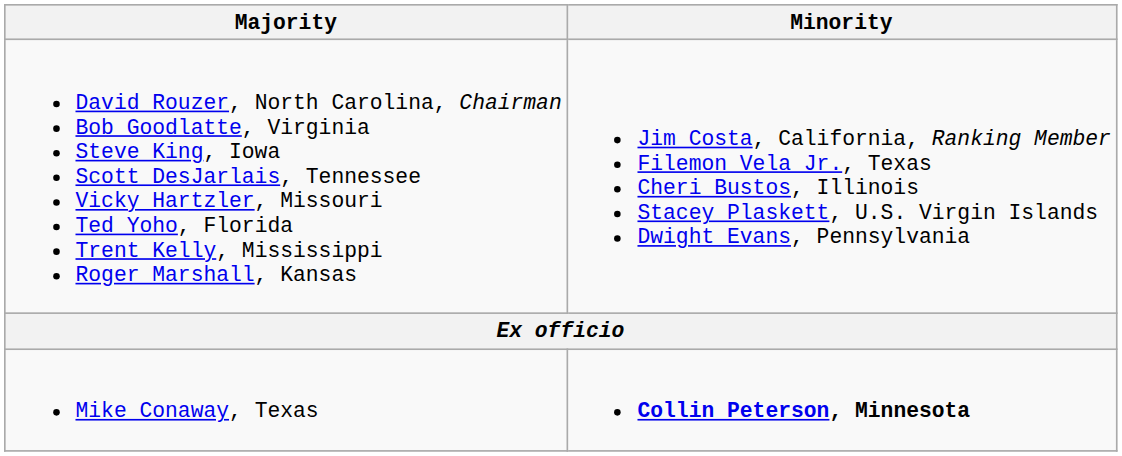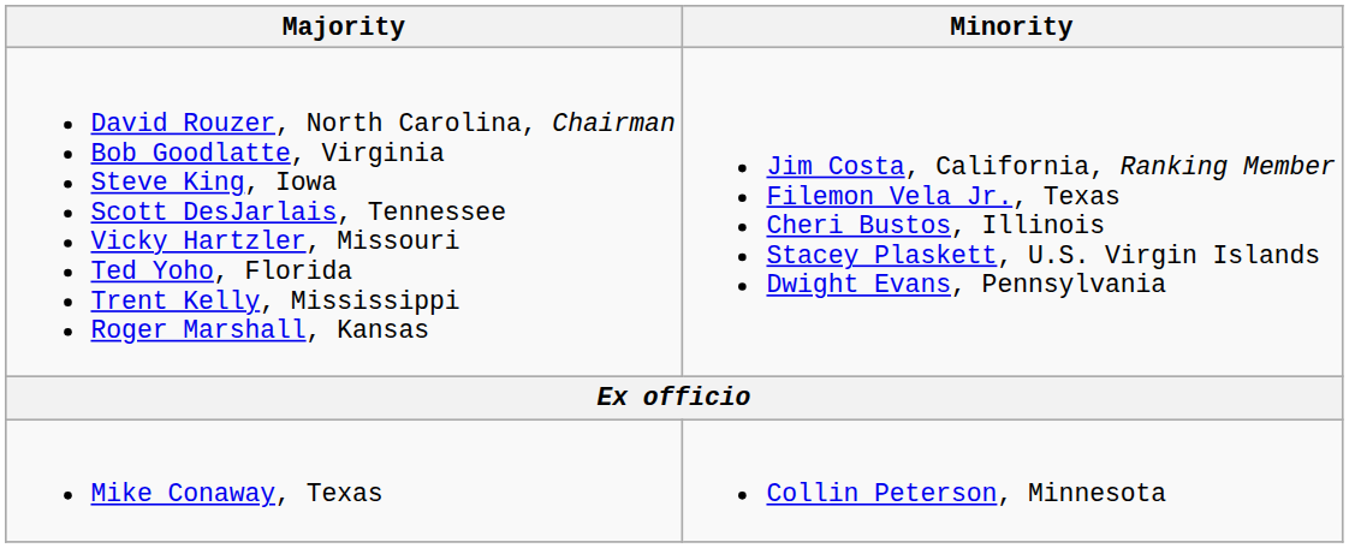 <table class=wikitable>
 <tr>
 <th>Majority</th>
 <th>Minority</th>
 </tr>
 <tr>
 <td><br><ul><li><a href='#'>David Rouzer</a>, North Carolina, <em>Chairman</em></li><li><a href='#'>Bob Goodlatte</a>, Virginia</li><li><a href='#'>Steve King</a>, Iowa</li><li><a href='#'>Scott DesJarlais</a>, Tennessee</li><li><a href='#'>Vicky Hartzler</a>, Missouri</li><li><a href='#'>Ted Yoho</a>, Florida</li><li><a href='#'>Trent Kelly</a>, Mississippi</li><li><a href='#'>Roger Marshall</a>, Kansas</li></ul></td>
 <td><br><ul><li><a href='#'>Jim Costa</a>, California, <em>Ranking Member</em></li><li><a href='#'>Filemon Vela Jr.</a>, Texas</li><li><a href='#'>Cheri Bustos</a>, Illinois</li><li><a href='#'>Stacey Plaskett</a>, U.S. Virgin Islands</li><li><a href='#'>Dwight Evans</a>, Pennsylvania</li></ul></td>
 </tr>
 <tr>
 <th colspan=2><em>Ex officio</em></th>
 </tr>
 <tr>
 <td><br><ul><li><a href='#'>Mike Conaway</a>, Texas</li></ul></td>
-<td><strong><br><ul><li><a href='#'>Collin Peterson</a>, Minnesota</li></ul></strong></td>
+<td><br><ul><li><a href='#'>Collin Peterson</a>, Minnesota</li></ul></td>
 </tr>
 </table>
